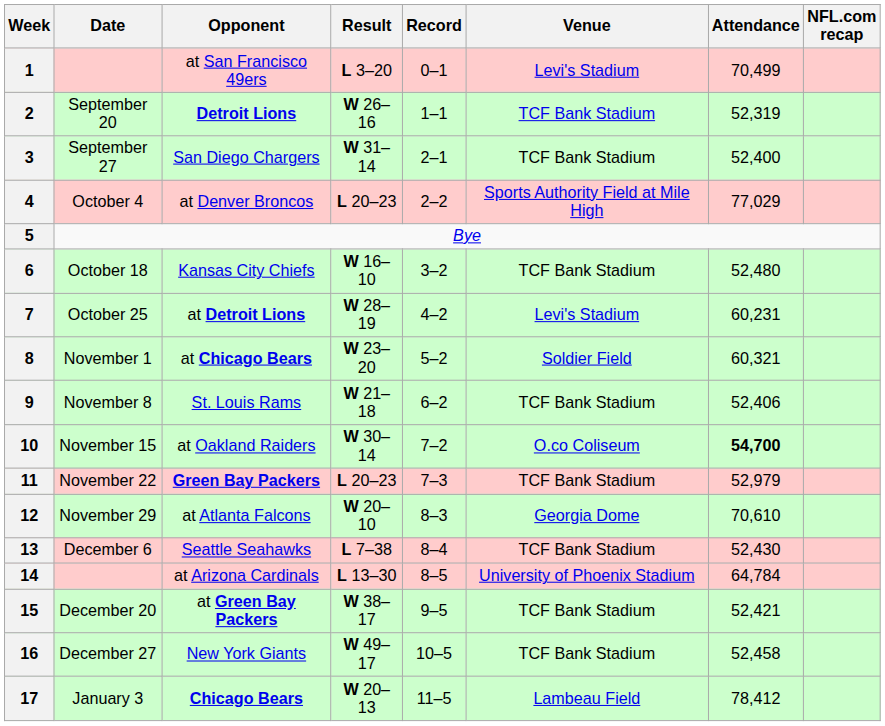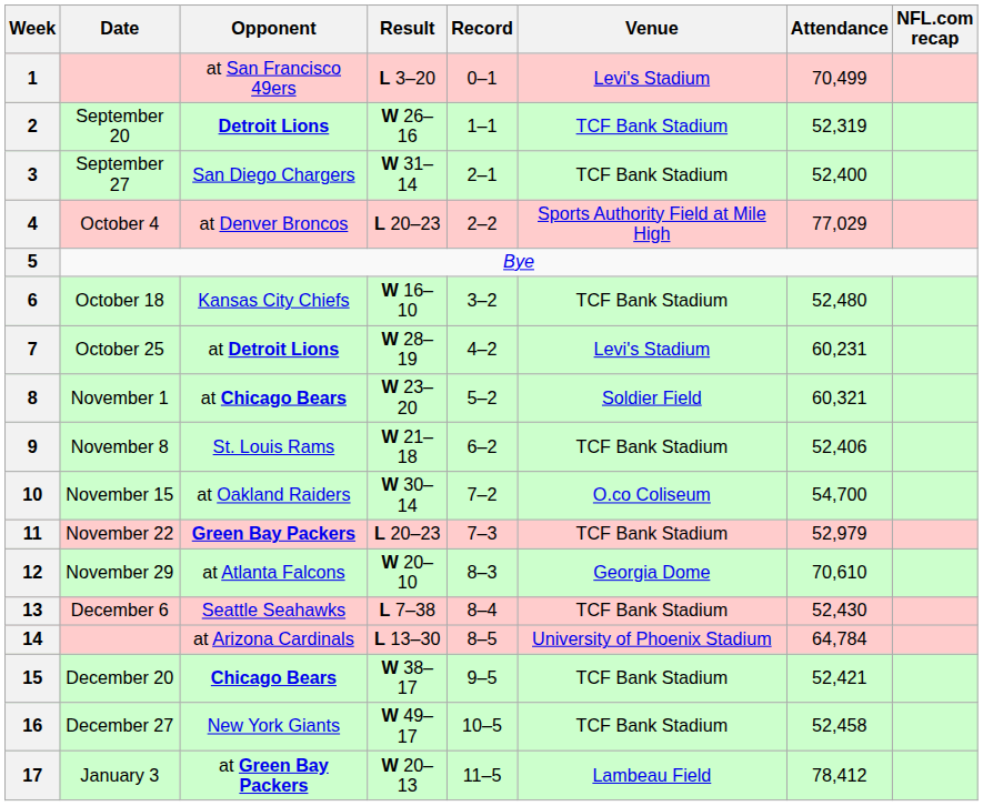 <table class="wikitable" style="text-align:center">
 <tr>
 <th>Week</th>
 <th>Date</th>
 <th>Opponent</th>
 <th>Result</th>
 <th>Record</th>
 <th>Venue</th>
 <th>Attendance</th>
 <th>NFL.com<br>recap</th>
 </tr>
 <tr style="background:#fcc">
 <th>1</th>
 <td></td>
 <td>at <a href='#'>San Francisco 49ers</a></td>
 <td><strong>L</strong> 3–20</td>
 <td>0–1</td>
 <td><a href='#'>Levi's Stadium</a></td>
 <td>70,499</td>
 <td></td>
 </tr>
 <tr style="background:#cfc">
 <th>2</th>
 <td>September 20</td>
 <td><strong><a href='#'>Detroit Lions</a></strong></td>
 <td><strong>W</strong> 26–16</td>
 <td>1–1</td>
 <td><a href='#'>TCF Bank Stadium</a></td>
 <td>52,319</td>
 <td></td>
 </tr>
 <tr style="background:#cfc">
 <th>3</th>
 <td>September 27</td>
 <td><a href='#'>San Diego Chargers</a></td>
 <td><strong>W</strong> 31–14</td>
 <td>2–1</td>
 <td>TCF Bank Stadium</td>
 <td>52,400</td>
 <td></td>
 </tr>
 <tr style="background:#fcc">
 <th>4</th>
 <td>October 4</td>
 <td>at <a href='#'>Denver Broncos</a></td>
 <td><strong>L</strong> 20–23</td>
 <td>2–2</td>
 <td><a href='#'>Sports Authority Field at Mile High</a></td>
 <td>77,029</td>
 <td></td>
 </tr>
 <tr style="background:#">
 <th>5</th>
 <td colspan="7"><em><a href='#'>Bye</a></em></td>
 </tr>
 <tr style="background:#cfc">
 <th>6</th>
 <td>October 18</td>
 <td><a href='#'>Kansas City Chiefs</a></td>
 <td><strong>W</strong> 16–10</td>
 <td>3–2</td>
 <td>TCF Bank Stadium</td>
 <td>52,480</td>
 <td></td>
 </tr>
 <tr style="background:#cfc">
 <th>7</th>
 <td>October 25</td>
 <td>at <strong><a href='#'>Detroit Lions</a></strong></td>
 <td><strong>W</strong> 28–19</td>
 <td>4–2</td>
 <td><a href='#'>Levi's Stadium</a></td>
 <td>60,231</td>
 <td></td>
 </tr>
 <tr style="background:#cfc">
 <th>8</th>
 <td>November 1</td>
 <td>at <strong><a href='#'>Chicago Bears</a></strong></td>
 <td><strong>W</strong> 23–20</td>
 <td>5–2</td>
 <td><a href='#'>Soldier Field</a></td>
 <td>60,321</td>
 <td></td>
 </tr>
 <tr style="background:#cfc">
 <th>9</th>
 <td>November 8</td>
 <td><a href='#'>St. Louis Rams</a></td>
 <td><strong>W</strong> 21–18 </td>
 <td>6–2</td>
 <td>TCF Bank Stadium</td>
 <td>52,406</td>
 <td></td>
 </tr>
 <tr style="background:#cfc">
 <th>10</th>
 <td>November 15</td>
 <td>at <a href='#'>Oakland Raiders</a></td>
 <td><strong>W</strong> 30–14</td>
 <td>7–2</td>
 <td><a href='#'>O.co Coliseum</a></td>
-<td><strong>54,700</strong></td>
+<td>54,700</td>
 <td></td>
 </tr>
 <tr style="background:#fcc">
 <th>11</th>
 <td>November 22</td>
 <td><strong><a href='#'>Green Bay Packers</a></strong></td>
 <td><strong>L</strong> 20–23</td>
 <td>7–3</td>
 <td>TCF Bank Stadium</td>
 <td>52,979</td>
 <td></td>
 </tr>
 <tr style="background:#cfc">
 <th>12</th>
 <td>November 29</td>
 <td>at <a href='#'>Atlanta Falcons</a></td>
 <td><strong>W</strong> 20–10</td>
 <td>8–3</td>
 <td><a href='#'>Georgia Dome</a></td>
 <td>70,610</td>
 <td></td>
 </tr>
 <tr style="background:#fcc">
 <th>13</th>
 <td>December 6</td>
 <td><a href='#'>Seattle Seahawks</a></td>
 <td><strong>L</strong> 7–38</td>
 <td>8–4</td>
 <td>TCF Bank Stadium</td>
 <td>52,430</td>
 <td></td>
 </tr>
 <tr style="background:#fcc">
 <th>14</th>
 <td></td>
 <td>at <a href='#'>Arizona Cardinals</a></td>
 <td><strong>L</strong> 13–30</td>
 <td>8–5</td>
 <td><a href='#'>University of Phoenix Stadium</a></td>
 <td>64,784</td>
 <td></td>
 </tr>
 <tr style="background:#cfc">
 <th>15</th>
 <td>December 20</td>
-<td>at <strong><a href='#'>Green Bay Packers</a></strong></td>
+<td><strong><a href='#'>Chicago Bears</a></strong></td>
 <td><strong>W</strong> 38–17</td>
 <td>9–5</td>
 <td>TCF Bank Stadium</td>
 <td>52,421</td>
 <td></td>
 </tr>
 <tr style="background:#cfc">
 <th>16</th>
 <td>December 27</td>
 <td><a href='#'>New York Giants</a></td>
 <td><strong>W</strong> 49–17</td>
 <td>10–5</td>
 <td>TCF Bank Stadium</td>
 <td>52,458</td>
 <td></td>
 </tr>
 <tr style="background:#cfc">
 <th>17</th>
 <td>January 3</td>
-<td><strong><a href='#'>Chicago Bears</a></strong></td>
+<td>at <strong><a href='#'>Green Bay Packers</a></strong></td>
 <td><strong>W</strong> 20–13</td>
 <td>11–5</td>
 <td><a href='#'>Lambeau Field</a></td>
 <td>78,412</td>
 <td></td>
 </tr>
 </table>
